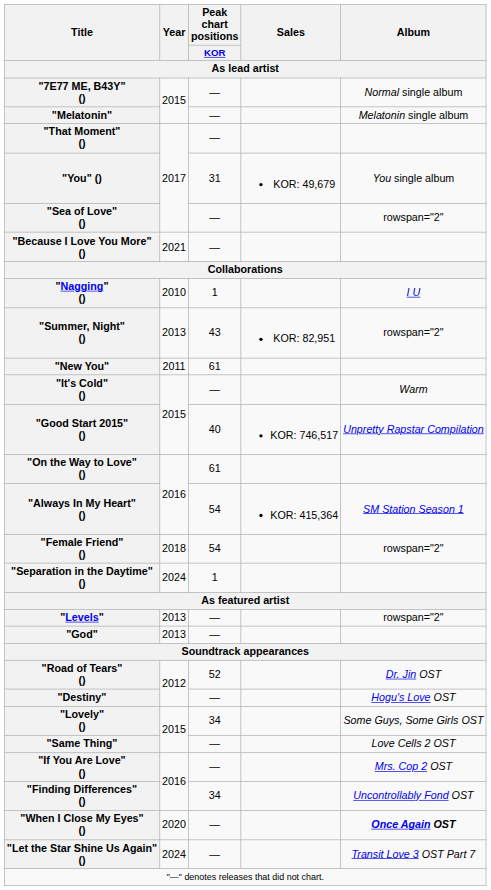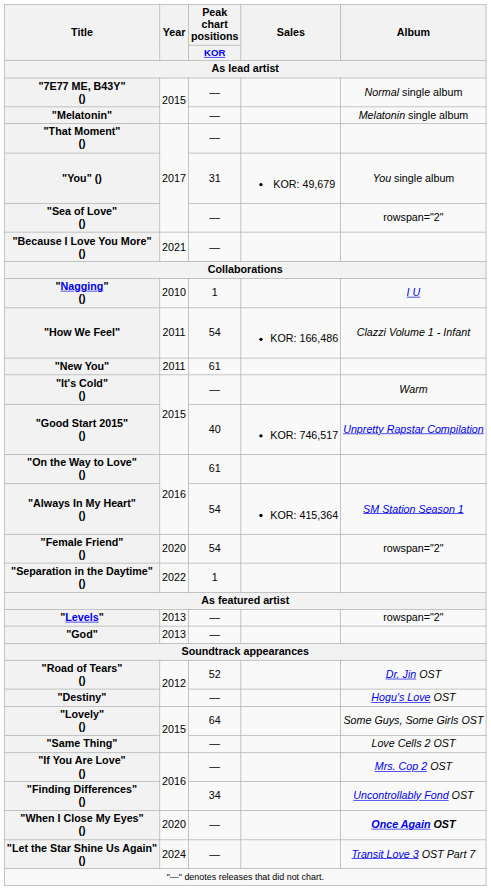 <table class="wikitable plainrowheaders" style="text-align:center;">
 <tr>
 <th rowspan="2" scope="col">Title</th>
 <th rowspan="2" scope="col">Year</th>
 <th colspan="1" scope="col">Peak chart positions</th>
 <th rowspan="2" scope="col">Sales</th>
 <th rowspan="2" scope="col">Album</th>
 </tr>
 <tr>
 <th scope="col" style="width:2.5em;font-size:90%;"><a href='#'>KOR</a><br></th>
 </tr>
 <tr>
 <th colspan="5" scope="col">As lead artist</th>
 </tr>
 <tr>
 <th scope="row">"7E77 ME, B43Y"<br>()</th>
 <td rowspan="2">2015</td>
 <td>—</td>
 <td></td>
 <td><em>Normal</em> single album</td>
 </tr>
 <tr>
 <th scope="row">"Melatonin"</th>
 <td>—</td>
 <td></td>
 <td><em>Melatonin</em> single album</td>
 </tr>
 <tr>
 <th scope="row">"That Moment"<br>()</th>
 <td rowspan="3">2017</td>
 <td>—</td>
 <td></td>
 <td></td>
 </tr>
 <tr>
 <th scope="row">"You" ()<br></th>
 <td>31</td>
 <td><br><ul><li>KOR: 49,679</li></ul></td>
 <td><em>You</em> single album</td>
 </tr>
 <tr>
 <th scope="row">"Sea of Love"<br>()</th>
 <td>—</td>
 <td></td>
 <td>rowspan="2" </td>
 </tr>
 <tr>
 <th scope="row">"Because I Love You More"<br>()</th>
 <td>2021</td>
 <td>—</td>
 <td></td>
 </tr>
 <tr>
 <th colspan="5" scope="col">Collaborations</th>
 </tr>
 <tr>
 <th scope="row">"<a href='#'>Nagging</a>"<br>()<br></th>
 <td>2010</td>
 <td>1</td>
 <td></td>
 <td><em><a href='#'>I U</a></em></td>
 </tr>
 <tr>
-<th scope="row">"Summer, Night"<br>()<br></th>
-<td>2013</td>
-<td>43</td>
-<td><br><ul><li>KOR: 82,951</li></ul></td>
-<td>rowspan="2" </td>
+<th scope="row">"How We Feel"<br></th>
+<td>2011</td>
+<td>54</td>
+<td><br><ul><li>KOR: 166,486</li></ul></td>
+<td><em>Clazzi Volume 1 - Infant</em></td>
 </tr>
 <tr>
 <th scope="row">"New You"<br></th>
 <td>2011</td>
 <td>61</td>
 <td></td>
 </tr>
 <tr>
 <th scope="row">"It's Cold"<br>()<br></th>
 <td rowspan="2">2015</td>
 <td>—</td>
 <td></td>
 <td><em>Warm</em></td>
 </tr>
 <tr>
 <th scope="row">"Good Start 2015"<br>()<br></th>
 <td>40</td>
 <td><br><ul><li>KOR: 746,517</li></ul></td>
 <td><em><a href='#'>Unpretty Rapstar Compilation</a></em></td>
 </tr>
 <tr>
 <th scope="row">"On the Way to Love"<br>()<br></th>
 <td rowspan="2">2016</td>
 <td>61</td>
 <td></td>
 <td></td>
 </tr>
 <tr>
 <th scope="row">"Always In My Heart"<br>()<br></th>
 <td>54</td>
 <td><br><ul><li>KOR: 415,364</li></ul></td>
 <td><em><a href='#'>SM Station Season 1</a></em></td>
 </tr>
 <tr>
 <th scope="row">"Female Friend"<br>()<br></th>
-<td>2018</td>
+<td>2020</td>
 <td>54</td>
 <td></td>
 <td>rowspan="2" </td>
 </tr>
 <tr>
 <th scope="row">"Separation in the Daytime"<br>()<br></th>
-<td>2024</td>
+<td>2022</td>
 <td>1</td>
 <td></td>
 </tr>
 <tr>
 <th colspan="5" scope="col">As featured artist</th>
 </tr>
 <tr>
 <th scope="row">"<a href='#'>Levels</a>"<br></th>
 <td>2013</td>
 <td>—</td>
 <td></td>
 <td>rowspan="2" </td>
 </tr>
 <tr>
 <th scope="row">"God"<br></th>
 <td>2013</td>
 <td>—</td>
 <td></td>
 </tr>
 <tr>
 <th colspan="5" scope="col">Soundtrack appearances</th>
 </tr>
 <tr>
 <th scope="row">"Road of Tears"<br>()<br></th>
 <td rowspan="2">2012</td>
 <td>52</td>
 <td></td>
 <td><em><a href='#'>Dr. Jin</a> OST</em></td>
 </tr>
 <tr>
 <th scope="row">"Destiny"<br></th>
 <td>—</td>
 <td></td>
 <td><em><a href='#'>Hogu's Love</a> OST</em></td>
 </tr>
 <tr>
 <th scope="row">"Lovely"<br>()<br></th>
 <td rowspan="2">2015</td>
-<td>34</td>
+<td>64</td>
 <td></td>
 <td><em>Some Guys, Some Girls OST</em></td>
 </tr>
 <tr>
 <th scope="row">"Same Thing"</th>
 <td>—</td>
 <td></td>
 <td><em>Love Cells 2 OST</em></td>
 </tr>
 <tr>
 <th scope="row">"If You Are Love"<br>()</th>
 <td rowspan="2">2016</td>
 <td>—</td>
 <td></td>
 <td><em><a href='#'>Mrs. Cop 2</a> OST</em></td>
 </tr>
 <tr>
 <th scope="row">"Finding Differences"<br>()<br></th>
 <td>34</td>
 <td></td>
 <td><em><a href='#'>Uncontrollably Fond</a> OST</em></td>
 </tr>
 <tr>
 <th scope="row">"When I Close My Eyes"<br>()</th>
 <td>2020</td>
 <td>—</td>
 <td></td>
 <td><strong><em><a href='#'>Once Again</a> OST</em></strong></td>
 </tr>
 <tr>
 <th scope="row">"Let the Star Shine Us Again"<br>()<br></th>
 <td>2024</td>
 <td>—</td>
 <td></td>
 <td><em><a href='#'>Transit Love 3</a> OST Part 7</em></td>
 </tr>
 <tr>
 <td colspan="5" align="center"><small>"—" denotes releases that did not chart.</small></td>
 </tr>
 </table>
